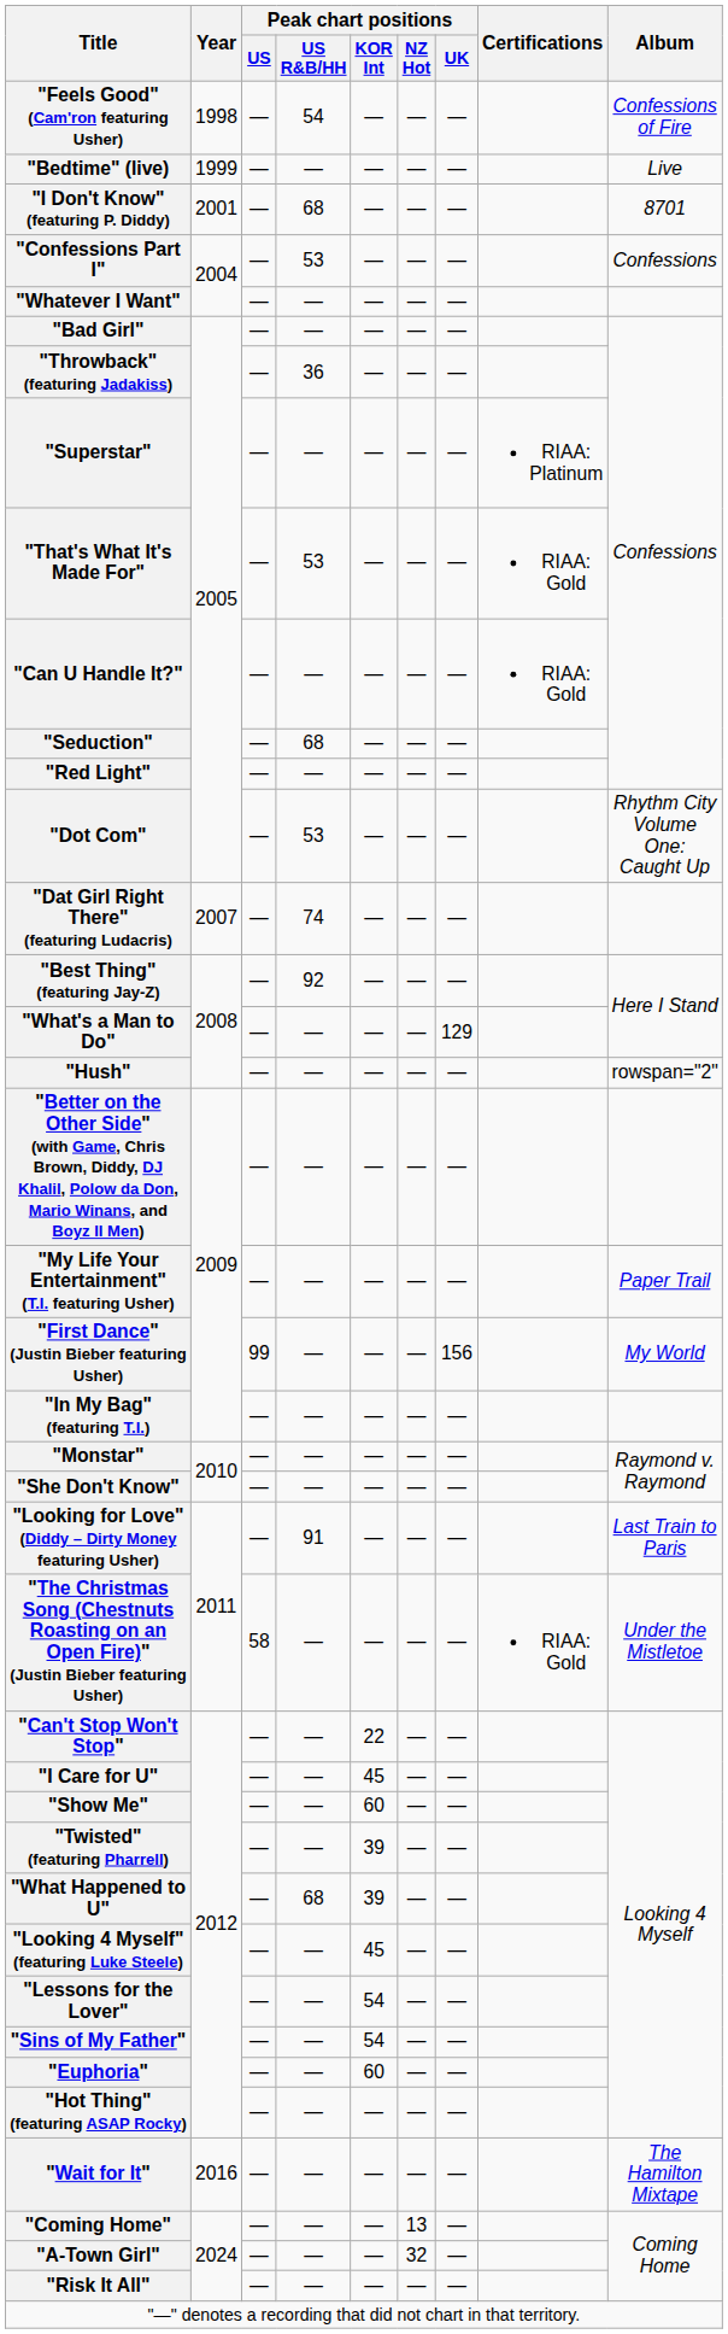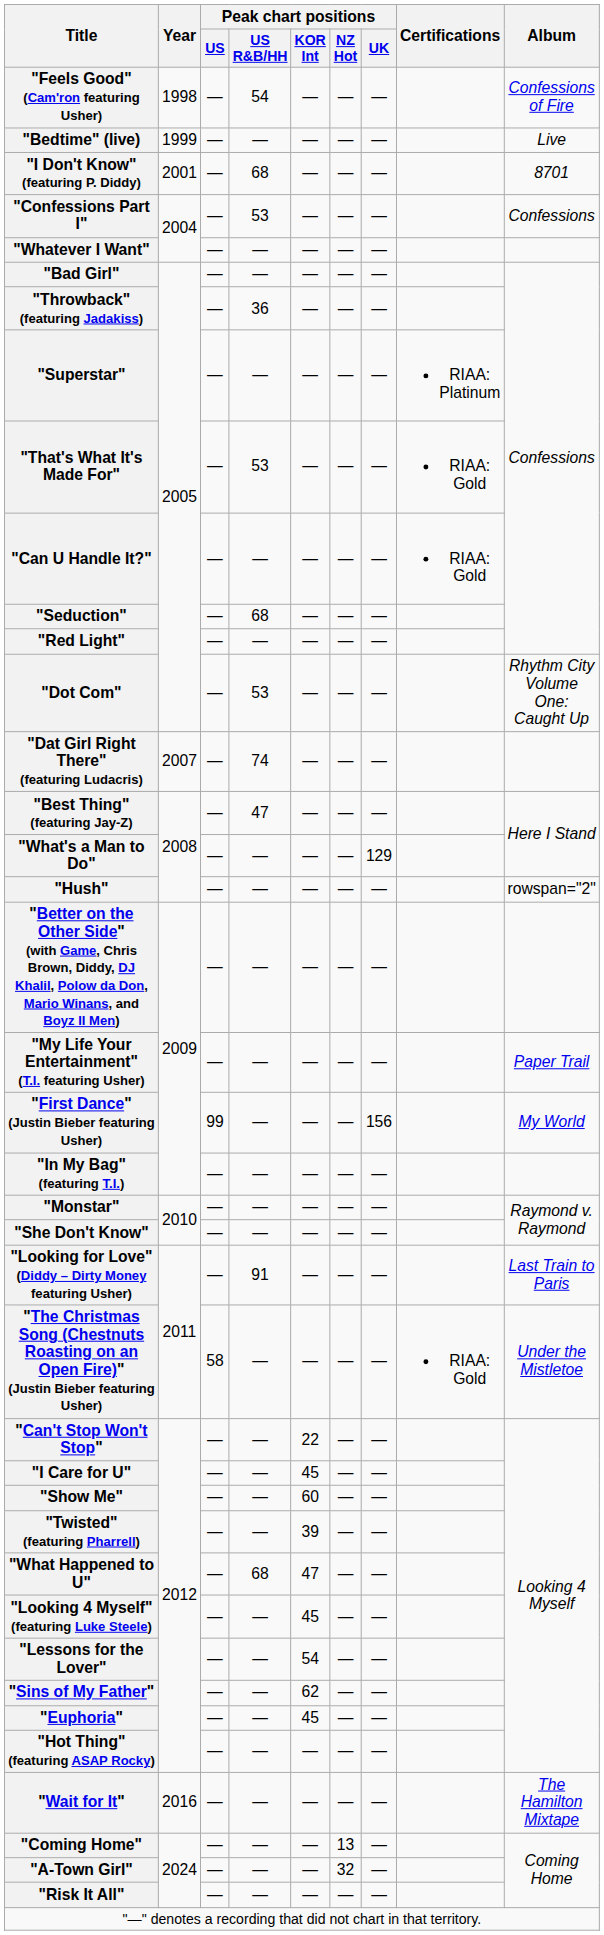 <table class="wikitable plainrowheaders" style="text-align:center;">
 <tr>
 <th scope="col" rowspan="2" style="width:20em;">Title</th>
 <th scope="col" rowspan="2">Year</th>
 <th scope="col" colspan="5">Peak chart positions</th>
 <th scope="col" rowspan="2">Certifications</th>
 <th scope="col" rowspan="2">Album</th>
 </tr>
 <tr>
 <th scope="col" style="width:2.5em;font-size:90%;"><a href='#'>US</a><br></th>
 <th scope="col" style="width:2.5em;font-size:90%;"><a href='#'>US<br>R&B/HH</a><br></th>
 <th scope="col" style="width:2.5em;font-size:90%;"><a href='#'>KOR <br>Int</a><br></th>
 <th scope="col" style="width:2.5em;font-size:90%;"><a href='#'>NZ<br>Hot</a><br></th>
 <th scope="col" style="width:2.5em;font-size:90%;"><a href='#'>UK</a><br></th>
 </tr>
 <tr>
 <th scope="row">"Feels Good"<br><small>(<a href='#'>Cam'ron</a> featuring Usher)</small></th>
 <td>1998</td>
 <td>—</td>
 <td>54</td>
 <td>—</td>
 <td>—</td>
 <td>—</td>
 <td></td>
 <td><em><a href='#'>Confessions of Fire</a></em></td>
 </tr>
 <tr>
 <th scope="row">"Bedtime" (live)</th>
 <td>1999</td>
 <td>—</td>
 <td>—</td>
 <td>—</td>
 <td>—</td>
 <td>—</td>
 <td></td>
 <td><em>Live</em></td>
 </tr>
 <tr>
 <th scope="row">"I Don't Know"<br><small>(featuring P. Diddy)</small></th>
 <td>2001</td>
 <td>—</td>
 <td>68</td>
 <td>—</td>
 <td>—</td>
 <td>—</td>
 <td></td>
 <td><em>8701</em></td>
 </tr>
 <tr>
 <th scope="row">"Confessions Part I"</th>
 <td rowspan="2">2004</td>
 <td>—</td>
 <td>53</td>
 <td>—</td>
 <td>—</td>
 <td>—</td>
 <td></td>
 <td><em>Confessions</em></td>
 </tr>
 <tr>
 <th scope="row">"Whatever I Want"</th>
 <td>—</td>
 <td>—</td>
 <td>—</td>
 <td>—</td>
 <td>—</td>
 <td></td>
 <td></td>
 </tr>
 <tr>
 <th scope="row">"Bad Girl"</th>
 <td rowspan="8">2005</td>
 <td>—</td>
 <td>—</td>
 <td>—</td>
 <td>—</td>
 <td>—</td>
 <td></td>
 <td rowspan="7"><em>Confessions</em></td>
 </tr>
 <tr>
 <th scope="row">"Throwback"<br><small>(featuring <a href='#'>Jadakiss</a>)</small></th>
 <td>—</td>
 <td>36</td>
 <td>—</td>
 <td>—</td>
 <td>—</td>
 <td></td>
 </tr>
 <tr>
 <th scope="row">"Superstar"</th>
 <td>—</td>
 <td>—</td>
 <td>—</td>
 <td>—</td>
 <td>—</td>
 <td><br><ul><li>RIAA: Platinum</li></ul></td>
 </tr>
 <tr>
 <th scope="row">"That's What It's Made For"</th>
 <td>—</td>
 <td>53</td>
 <td>—</td>
 <td>—</td>
 <td>—</td>
 <td><br><ul><li>RIAA: Gold</li></ul></td>
 </tr>
 <tr>
 <th scope="row">"Can U Handle It?"</th>
 <td>—</td>
 <td>—</td>
 <td>—</td>
 <td>—</td>
 <td>—</td>
 <td><br><ul><li>RIAA: Gold</li></ul></td>
 </tr>
 <tr>
 <th scope="row">"Seduction"</th>
 <td>—</td>
 <td>68</td>
 <td>—</td>
 <td>—</td>
 <td>—</td>
 <td></td>
 </tr>
 <tr>
 <th scope="row">"Red Light"</th>
 <td>—</td>
 <td>—</td>
 <td>—</td>
 <td>—</td>
 <td>—</td>
 <td></td>
 </tr>
 <tr>
 <th scope="row">"Dot Com"</th>
 <td>—</td>
 <td>53</td>
 <td>—</td>
 <td>—</td>
 <td>—</td>
 <td></td>
 <td><em>Rhythm City Volume One: Caught Up</em></td>
 </tr>
 <tr>
 <th scope="row">"Dat Girl Right There"<br><small>(featuring Ludacris)</small></th>
 <td>2007</td>
 <td>—</td>
 <td>74</td>
 <td>—</td>
 <td>—</td>
 <td>—</td>
 <td></td>
 <td></td>
 </tr>
 <tr>
 <th scope="row">"Best Thing"<br><small>(featuring Jay-Z)</small></th>
 <td rowspan="3">2008</td>
 <td>—</td>
-<td>92</td>
+<td>47</td>
 <td>—</td>
 <td>—</td>
 <td>—</td>
 <td></td>
 <td rowspan="2"><em>Here I Stand</em></td>
 </tr>
 <tr>
 <th scope="row">"What's a Man to Do"</th>
 <td>—</td>
 <td>—</td>
 <td>—</td>
 <td>—</td>
 <td>129</td>
 <td></td>
 </tr>
 <tr>
 <th scope="row">"Hush"</th>
 <td>—</td>
 <td>—</td>
 <td>—</td>
 <td>—</td>
 <td>—</td>
 <td></td>
 <td>rowspan="2" </td>
 </tr>
 <tr>
 <th scope="row">"<a href='#'>Better on the Other Side</a>"<br><small>(with <a href='#'>Game</a>, Chris Brown, Diddy, <a href='#'>DJ Khalil</a>, <a href='#'>Polow da Don</a>, <a href='#'>Mario Winans</a>, and <a href='#'>Boyz II Men</a>)</small></th>
 <td rowspan="4">2009</td>
 <td>—</td>
 <td>—</td>
 <td>—</td>
 <td>—</td>
 <td>—</td>
 <td></td>
 </tr>
 <tr>
 <th scope="row">"My Life Your Entertainment"<br><small>(<a href='#'>T.I.</a> featuring Usher)</small></th>
 <td>—</td>
 <td>—</td>
 <td>—</td>
 <td>—</td>
 <td>—</td>
 <td></td>
 <td><em><a href='#'>Paper Trail</a></em></td>
 </tr>
 <tr>
 <th scope="row">"<a href='#'>First Dance</a>"<br><small>(Justin Bieber featuring Usher)</small></th>
 <td>99</td>
 <td>—</td>
 <td>—</td>
 <td>—</td>
 <td>156</td>
 <td></td>
 <td><em><a href='#'>My World</a></em></td>
 </tr>
 <tr>
 <th scope="row">"In My Bag"<br><small>(featuring <a href='#'>T.I.</a>)</small></th>
 <td>—</td>
 <td>—</td>
 <td>—</td>
 <td>—</td>
 <td>—</td>
 <td></td>
 <td></td>
 </tr>
 <tr>
 <th scope="row">"Monstar"</th>
 <td rowspan="2">2010</td>
 <td>—</td>
 <td>—</td>
 <td>—</td>
 <td>—</td>
 <td>—</td>
 <td></td>
 <td rowspan="2"><em>Raymond v. Raymond</em></td>
 </tr>
 <tr>
 <th scope="row">"She Don't Know"</th>
 <td>—</td>
 <td>—</td>
 <td>—</td>
 <td>—</td>
 <td>—</td>
 <td></td>
 </tr>
 <tr>
 <th scope="row">"Looking for Love"<br><small>(<a href='#'>Diddy – Dirty Money</a> featuring Usher)</small></th>
 <td rowspan="2">2011</td>
 <td>—</td>
 <td>91</td>
 <td>—</td>
 <td>—</td>
 <td>—</td>
 <td></td>
 <td><em><a href='#'>Last Train to Paris</a></em></td>
 </tr>
 <tr>
 <th scope="row">"<a href='#'>The Christmas Song (Chestnuts Roasting on an Open Fire)</a>"<br><small>(Justin Bieber featuring Usher)</small></th>
 <td>58</td>
 <td>—</td>
 <td>—</td>
 <td>—</td>
 <td>—</td>
 <td><br><ul><li>RIAA: Gold</li></ul></td>
 <td><em><a href='#'>Under the Mistletoe</a></em></td>
 </tr>
 <tr>
 <th scope="row">"<a href='#'>Can't Stop Won't Stop</a>"</th>
 <td rowspan="10">2012</td>
 <td>—</td>
 <td>—</td>
 <td>22</td>
 <td>—</td>
 <td>—</td>
 <td></td>
 <td rowspan="10"><em>Looking 4 Myself</em></td>
 </tr>
 <tr>
 <th scope="row">"I Care for U"</th>
 <td>—</td>
 <td>—</td>
 <td>45</td>
 <td>—</td>
 <td>—</td>
 <td></td>
 </tr>
 <tr>
 <th scope="row">"Show Me"</th>
 <td>—</td>
 <td>—</td>
 <td>60</td>
 <td>—</td>
 <td>—</td>
 <td></td>
 </tr>
 <tr>
 <th scope="row">"Twisted"<br><small>(featuring <a href='#'>Pharrell</a>)</small></th>
 <td>—</td>
 <td>—</td>
 <td>39</td>
 <td>—</td>
 <td>—</td>
 <td></td>
 </tr>
 <tr>
 <th scope="row">"What Happened to U"</th>
 <td>—</td>
 <td>68</td>
-<td>39</td>
+<td>47</td>
 <td>—</td>
 <td>—</td>
 <td></td>
 </tr>
 <tr>
 <th scope="row">"Looking 4 Myself"<br><small>(featuring <a href='#'>Luke Steele</a>)</small></th>
 <td>—</td>
 <td>—</td>
 <td>45</td>
 <td>—</td>
 <td>—</td>
 <td></td>
 </tr>
 <tr>
 <th scope="row">"Lessons for the Lover"</th>
 <td>—</td>
 <td>—</td>
 <td>54</td>
 <td>—</td>
 <td>—</td>
 <td></td>
 </tr>
 <tr>
 <th scope="row">"<a href='#'>Sins of My Father</a>"</th>
 <td>—</td>
 <td>—</td>
-<td>54</td>
+<td>62</td>
 <td>—</td>
 <td>—</td>
 <td></td>
 </tr>
 <tr>
 <th scope="row">"<a href='#'>Euphoria</a>"</th>
 <td>—</td>
 <td>—</td>
-<td>60</td>
+<td>45</td>
 <td>—</td>
 <td>—</td>
 <td></td>
 </tr>
 <tr>
 <th scope="row">"Hot Thing"<br><small>(featuring <a href='#'>ASAP Rocky</a>)</small></th>
 <td>—</td>
 <td>—</td>
 <td>—</td>
 <td>—</td>
 <td>—</td>
 <td></td>
 </tr>
 <tr>
 <th scope="row">"<a href='#'>Wait for It</a>"</th>
 <td>2016</td>
 <td>—</td>
 <td>—</td>
 <td>—</td>
 <td>—</td>
 <td>—</td>
 <td></td>
 <td><em><a href='#'>The Hamilton Mixtape</a></em></td>
 </tr>
 <tr>
 <th scope="row">"Coming Home"<br></th>
 <td rowspan="3">2024</td>
 <td>—</td>
 <td>—</td>
 <td>—</td>
 <td>13</td>
 <td>—</td>
 <td></td>
 <td rowspan="3"><em>Coming Home</em></td>
 </tr>
 <tr>
 <th scope="row">"A-Town Girl"<br></th>
 <td>—</td>
 <td>—</td>
 <td>—</td>
 <td>32</td>
 <td>—</td>
 <td></td>
 </tr>
 <tr>
 <th scope="row">"Risk It All"<br></th>
 <td>—</td>
 <td>—</td>
 <td>—</td>
 <td>—</td>
 <td>—</td>
 <td></td>
 </tr>
 <tr>
 <td colspan="9" style="font-size:90%">"—" denotes a recording that did not chart in that territory.</td>
 </tr>
 </table>
